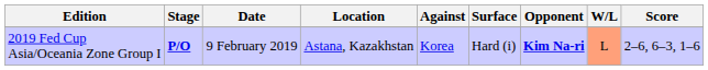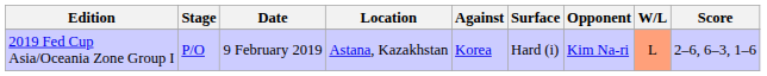 <table class=wikitable style=font-size:97%>
 <tr>
 <th>Edition</th>
 <th>Stage</th>
 <th>Date</th>
 <th>Location</th>
 <th>Against</th>
 <th>Surface</th>
 <th>Opponent</th>
 <th>W/L</th>
 <th>Score</th>
 </tr>
 <tr style="background:#ccf;">
 </tr>
 <tr style="background:#ccf;">
 <td><a href='#'>2019 Fed Cup</a> <br> Asia/Oceania Zone Group I</td>
-<td><strong><a href='#'>P/O</a></strong></td>
+<td><a href='#'>P/O</a></td>
 <td>9 February 2019</td>
 <td><a href='#'>Astana</a>, Kazakhstan</td>
 <td> <a href='#'>Korea</a></td>
 <td>Hard (i)</td>
-<td><strong> <a href='#'>Kim Na-ri</a></strong></td>
+<td> <a href='#'>Kim Na-ri</a></td>
 <td style="text-align:center; background:#ffa07a;">L</td>
 <td>2–6, 6–3, 1–6</td>
 </tr>
 </table>
